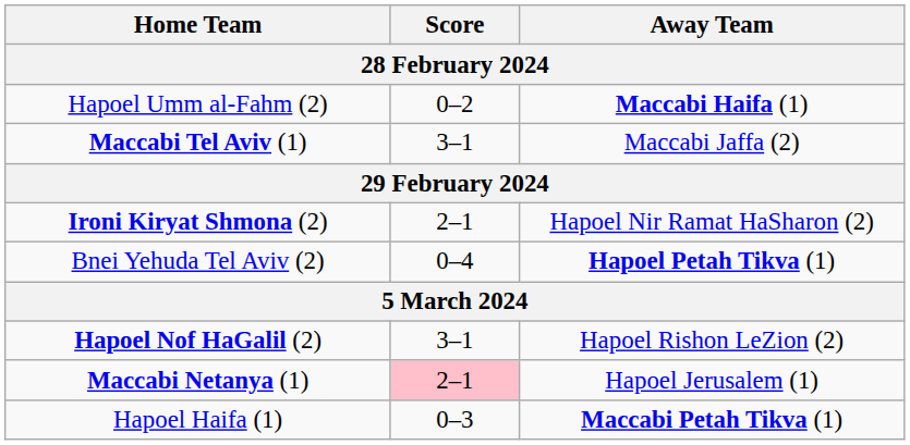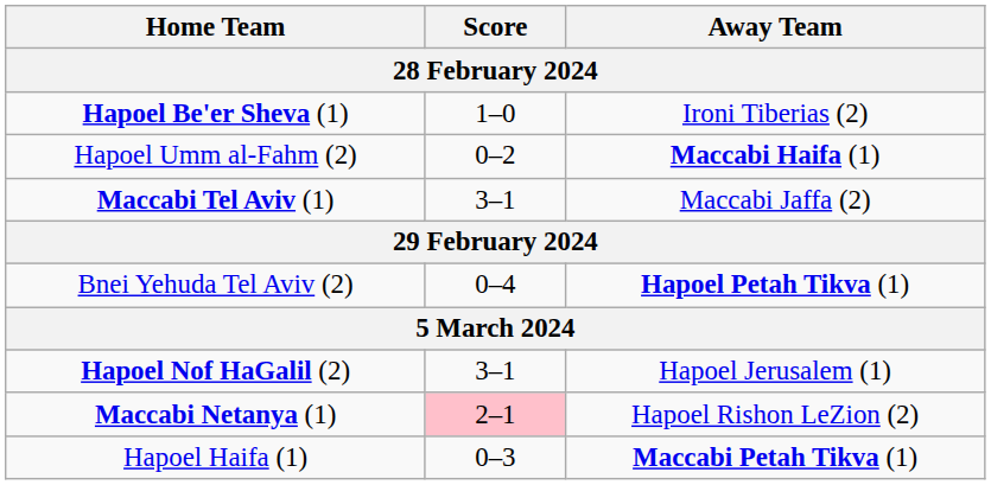 <table class="wikitable" style="text-align: center;">
 <tr>
 <th width="240px">Home Team</th>
 <th width="75px">Score</th>
 <th width="240px">Away Team</th>
 </tr>
 <tr>
 <th colspan=3>28 February 2024</th>
+</tr>
+<tr>
+<td><strong><a href='#'>Hapoel Be'er Sheva</a></strong> (1)</td>
+<td>1–0</td>
+<td><a href='#'>Ironi Tiberias</a> (2)</td>
 </tr>
 <tr>
 <td><a href='#'>Hapoel Umm al-Fahm</a> (2)</td>
 <td>0–2</td>
 <td><strong><a href='#'>Maccabi Haifa</a></strong> (1)</td>
 </tr>
 <tr>
 <td><strong><a href='#'>Maccabi Tel Aviv</a></strong> (1)</td>
 <td>3–1</td>
 <td><a href='#'>Maccabi Jaffa</a> (2)</td>
 </tr>
 <tr>
 <th colspan=3>29 February 2024</th>
 </tr>
 <tr>
-<td><strong><a href='#'>Ironi Kiryat Shmona</a></strong> (2)</td>
-<td>2–1</td>
-<td><a href='#'>Hapoel Nir Ramat HaSharon</a> (2)</td>
-</tr>
-<tr>
 <td><a href='#'>Bnei Yehuda Tel Aviv</a> (2)</td>
 <td>0–4</td>
 <td><strong><a href='#'>Hapoel Petah Tikva</a></strong> (1)</td>
 </tr>
 <tr>
 <th colspan=3>5 March 2024</th>
 </tr>
 <tr>
 <td><strong><a href='#'>Hapoel Nof HaGalil</a></strong> (2)</td>
 <td>3–1</td>
-<td><a href='#'>Hapoel Rishon LeZion</a> (2)</td>
+<td><a href='#'>Hapoel Jerusalem</a> (1)</td>
 </tr>
 <tr>
 <td><strong><a href='#'>Maccabi Netanya</a></strong> (1)</td>
 <td style="background: pink;">2–1 </td>
-<td><a href='#'>Hapoel Jerusalem</a> (1)</td>
+<td><a href='#'>Hapoel Rishon LeZion</a> (2)</td>
 </tr>
 <tr>
 <td><a href='#'>Hapoel Haifa</a> (1)</td>
 <td>0–3</td>
 <td><strong><a href='#'>Maccabi Petah Tikva</a></strong> (1)</td>
 </tr>
 </table>
